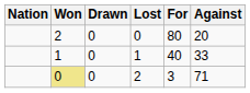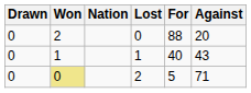 <table class="wikitable">
 <tr>
+<th>Drawn</th>
+<th>Won</th>
 <th>Nation</th>
-<th>Won</th>
-<th>Drawn</th>
 <th>Lost</th>
 <th>For</th>
 <th>Against</th>
 </tr>
 <tr>
+<td>0</td>
+<td>2</td>
 <td></td>
-<td>2</td>
 <td>0</td>
-<td>0</td>
-<td>80</td>
+<td>88</td>
 <td>20</td>
 </tr>
 <tr>
+<td>0</td>
+<td>1</td>
 <td></td>
 <td>1</td>
-<td>0</td>
-<td>1</td>
 <td>40</td>
-<td>33</td>
+<td>43</td>
 </tr>
 <tr>
+<td>0</td>
+<td style="background: khaki;">0</td>
 <td></td>
-<td style="background: khaki;">0</td>
-<td>0</td>
 <td>2</td>
-<td>3</td>
+<td>5</td>
 <td>71</td>
 </tr>
 </table>
